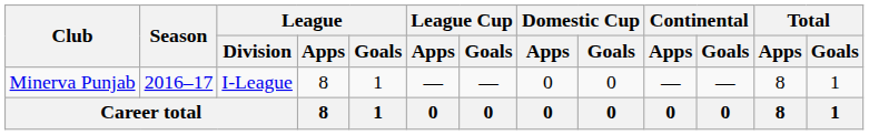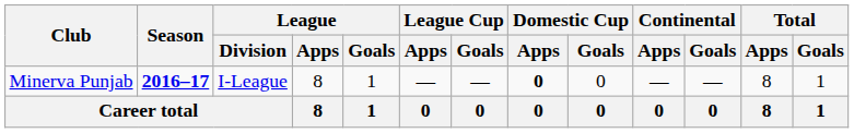 <table class="wikitable" style="text-align: center;">
 <tr>
 <th rowspan="2">Club</th>
 <th rowspan="2">Season</th>
 <th colspan="3">League</th>
 <th colspan="2">League Cup</th>
 <th colspan="2">Domestic Cup</th>
 <th colspan="2">Continental</th>
 <th colspan="2">Total</th>
 </tr>
 <tr>
 <th>Division</th>
 <th>Apps</th>
 <th>Goals</th>
 <th>Apps</th>
 <th>Goals</th>
 <th>Apps</th>
 <th>Goals</th>
 <th>Apps</th>
 <th>Goals</th>
 <th>Apps</th>
 <th>Goals</th>
 </tr>
 <tr>
 <td rowspan="1"><a href='#'>Minerva Punjab</a></td>
-<td><a href='#'>2016–17</a></td>
+<td><strong><a href='#'>2016–17</a></strong></td>
 <td><a href='#'>I-League</a></td>
 <td>8</td>
 <td>1</td>
 <td>—</td>
 <td>—</td>
-<td>0</td>
+<td><strong>0</strong></td>
 <td>0</td>
 <td>—</td>
 <td>—</td>
 <td>8</td>
 <td>1</td>
 </tr>
 <tr>
 <th colspan="3">Career total</th>
 <th>8</th>
 <th>1</th>
 <th>0</th>
 <th>0</th>
 <th>0</th>
 <th>0</th>
 <th>0</th>
 <th>0</th>
 <th>8</th>
 <th>1</th>
 </tr>
 </table>
